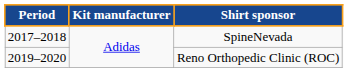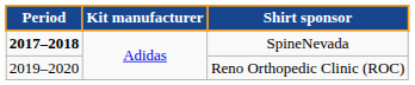 <table class="wikitable" style="text-align: center">
 <tr>
 <th style="background:#17468E; color:white; border:2px solid #F9A11B;">Period</th>
 <th style="background:#17468E; color:white; border:2px solid #F9A11B;">Kit manufacturer</th>
 <th style="background:#17468E; color:white; border:2px solid #F9A11B;">Shirt sponsor</th>
 </tr>
 <tr>
-<td>2017–2018</td>
+<td><strong>2017–2018</strong></td>
 <td rowspan="2"><a href='#'>Adidas</a></td>
 <td>SpineNevada</td>
 </tr>
 <tr>
 <td>2019–2020</td>
 <td>Reno Orthopedic Clinic (ROC)</td>
 </tr>
 </table>
